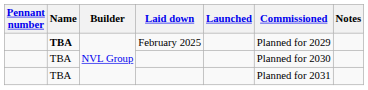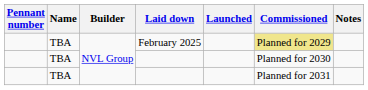 <table class="wikitable">
 <tr>
 <th><a href='#'>Pennant<br>number</a></th>
 <th>Name</th>
 <th>Builder</th>
 <th><a href='#'>Laid down</a></th>
 <th><a href='#'>Launched</a></th>
 <th><a href='#'>Commissioned</a></th>
 <th>Notes</th>
 </tr>
 <tr>
 <td></td>
-<td><strong>TBA</strong></td>
+<td>TBA</td>
 <td rowspan=3 align=center><a href='#'>NVL Group</a></td>
 <td>February 2025</td>
 <td></td>
-<td>Planned for 2029</td>
+<td style="background: khaki;">Planned for 2029</td>
 <td></td>
 </tr>
 <tr>
 <td></td>
 <td>TBA</td>
 <td></td>
 <td></td>
 <td>Planned for 2030</td>
 <td></td>
 </tr>
 <tr>
 <td></td>
 <td>TBA</td>
 <td></td>
 <td></td>
 <td>Planned for 2031</td>
 <td></td>
 </tr>
 </table>
